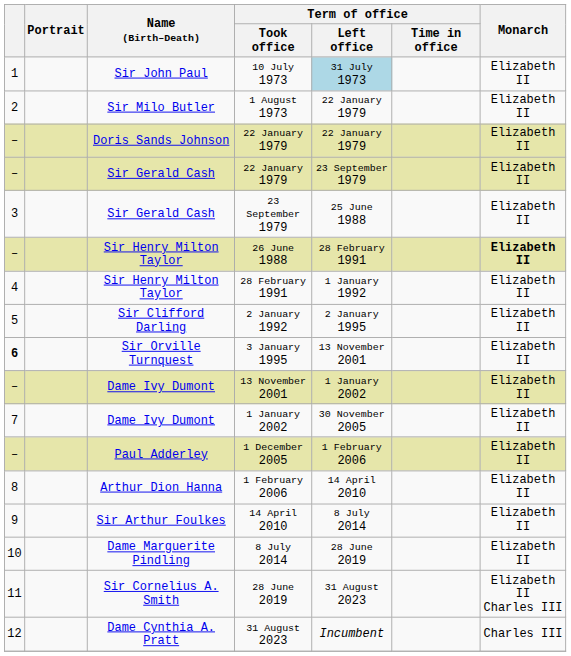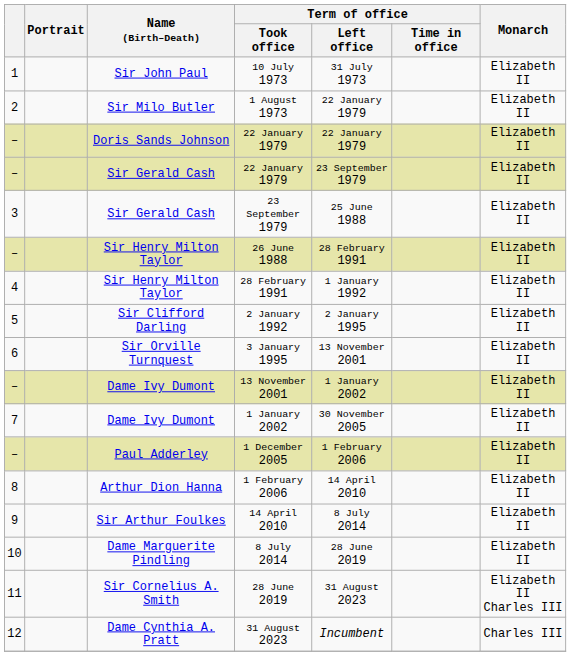 <table class="wikitable" style="text-align:center;">
 <tr>
 <th rowspan="2"></th>
 <th rowspan="2">Portrait</th>
 <th rowspan="2">Name<br><small>(Birth–Death)</small></th>
 <th colspan="3">Term of office</th>
 <th rowspan="2">Monarch</th>
 </tr>
 <tr>
 <th>Took office</th>
 <th>Left office</th>
 <th>Time in office</th>
 </tr>
 <tr>
 <td>1</td>
 <td></td>
 <td><a href='#'>Sir John Paul</a><br></td>
 <td><small>10 July</small><br>1973</td>
-<td style="background: lightblue;"><small>31 July</small><br>1973</td>
+<td><small>31 July</small><br>1973</td>
 <td></td>
 <td>Elizabeth II</td>
 </tr>
 <tr>
 <td>2</td>
 <td></td>
 <td><a href='#'>Sir Milo Butler</a><br></td>
 <td><small>1 August</small><br>1973</td>
 <td><small>22 January</small><br>1979</td>
 <td></td>
 <td>Elizabeth II</td>
 </tr>
 <tr style="background:#e6e6aa;">
 <td>–</td>
 <td></td>
 <td><a href='#'>Doris Sands Johnson</a><br></td>
 <td><small>22 January</small><br>1979</td>
 <td><small>22 January</small><br>1979</td>
 <td></td>
 <td>Elizabeth II</td>
 </tr>
 <tr style="background:#e6e6aa;">
 <td>–</td>
 <td></td>
 <td><a href='#'>Sir Gerald Cash</a><br></td>
 <td><small>22 January</small><br>1979</td>
 <td><small>23 September</small><br>1979</td>
 <td></td>
 <td>Elizabeth II</td>
 </tr>
 <tr>
 <td>3</td>
 <td></td>
 <td><a href='#'>Sir Gerald Cash</a><br></td>
 <td><small>23 September</small><br>1979</td>
 <td><small>25 June</small><br>1988</td>
 <td></td>
 <td>Elizabeth II</td>
 </tr>
 <tr style="background:#e6e6aa;">
 <td>–</td>
 <td></td>
 <td><a href='#'>Sir Henry Milton Taylor</a><br></td>
 <td><small>26 June</small><br>1988</td>
 <td><small>28 February</small><br>1991</td>
 <td></td>
-<td><strong>Elizabeth II</strong></td>
+<td>Elizabeth II</td>
 </tr>
 <tr>
 <td>4</td>
 <td></td>
 <td><a href='#'>Sir Henry Milton Taylor</a><br></td>
 <td><small>28 February</small><br>1991</td>
 <td><small>1 January</small><br>1992</td>
 <td></td>
 <td>Elizabeth II</td>
 </tr>
 <tr>
 <td>5</td>
 <td></td>
 <td><a href='#'>Sir Clifford Darling</a><br></td>
 <td><small>2 January</small><br>1992</td>
 <td><small>2 January</small><br>1995</td>
 <td></td>
 <td>Elizabeth II</td>
 </tr>
 <tr>
-<td><strong>6</strong></td>
+<td>6</td>
 <td></td>
 <td><a href='#'>Sir Orville Turnquest</a><br></td>
 <td><small>3 January</small><br>1995</td>
 <td><small>13 November</small><br>2001</td>
 <td></td>
 <td>Elizabeth II</td>
 </tr>
 <tr style="background:#e6e6aa;">
 <td>–</td>
 <td></td>
 <td><a href='#'>Dame Ivy Dumont</a><br></td>
 <td><small>13 November</small><br>2001</td>
 <td><small>1 January</small><br>2002</td>
 <td></td>
 <td>Elizabeth II</td>
 </tr>
 <tr>
 <td>7</td>
 <td></td>
 <td><a href='#'>Dame Ivy Dumont</a><br></td>
 <td><small>1 January</small><br>2002</td>
 <td><small>30 November</small><br>2005</td>
 <td></td>
 <td>Elizabeth II</td>
 </tr>
 <tr style="background:#e6e6aa;">
 <td>–</td>
 <td></td>
 <td><a href='#'>Paul Adderley</a><br></td>
 <td><small>1 December</small><br>2005</td>
 <td><small>1 February</small><br>2006</td>
 <td></td>
 <td>Elizabeth II</td>
 </tr>
 <tr>
 <td>8</td>
 <td></td>
 <td><a href='#'>Arthur Dion Hanna</a><br></td>
 <td><small>1 February</small><br>2006</td>
 <td><small>14 April</small><br>2010</td>
 <td></td>
 <td>Elizabeth II</td>
 </tr>
 <tr>
 <td>9</td>
 <td></td>
 <td><a href='#'>Sir Arthur Foulkes</a><br></td>
 <td><small>14 April</small><br>2010</td>
 <td><small>8 July</small><br>2014</td>
 <td></td>
 <td>Elizabeth II</td>
 </tr>
 <tr>
 <td>10</td>
 <td></td>
 <td><a href='#'>Dame Marguerite Pindling</a><br></td>
 <td><small>8 July</small><br>2014</td>
 <td><small>28 June</small><br>2019</td>
 <td></td>
 <td>Elizabeth II</td>
 </tr>
 <tr>
 <td>11</td>
 <td></td>
 <td><a href='#'>Sir Cornelius A. Smith</a><br></td>
 <td><small>28 June</small><br>2019</td>
 <td><small>31 August</small><br>2023</td>
 <td></td>
 <td>Elizabeth II<br>Charles III</td>
 </tr>
 <tr>
 <td>12</td>
 <td></td>
 <td><a href='#'>Dame Cynthia A. Pratt</a><br></td>
 <td><small>31 August</small><br>2023</td>
 <td><em>Incumbent</em></td>
 <td></td>
 <td>Charles III</td>
 </tr>
 <tr>
 </tr>
 </table>
